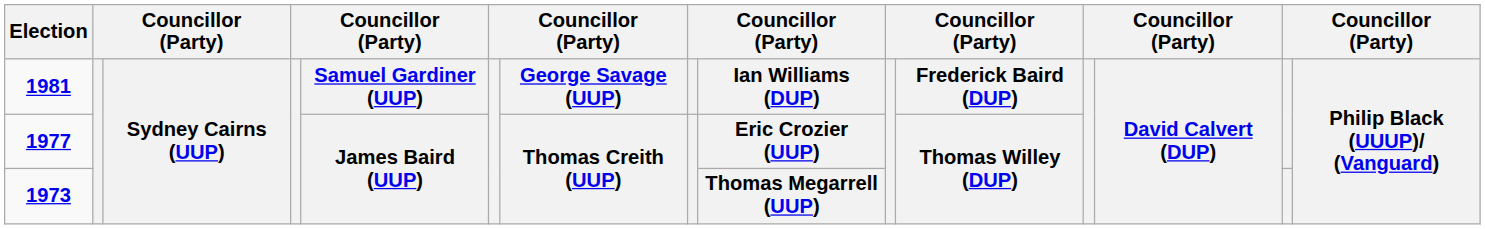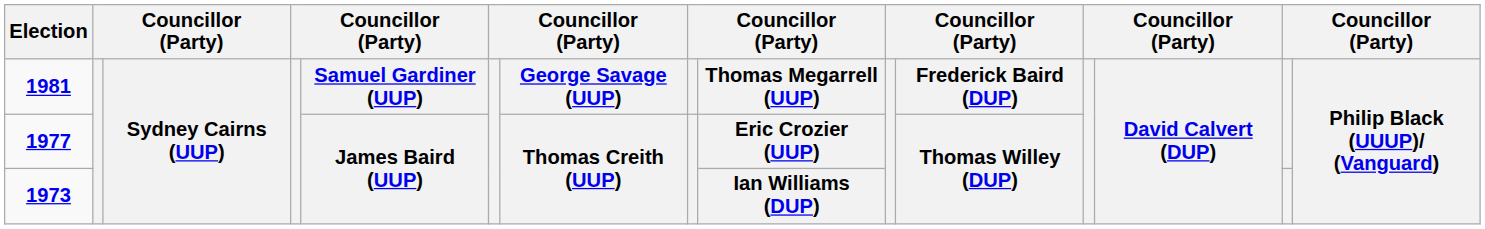 <table class="wikitable" style="text-align:center">
 <tr>
 <th scope="col" width="50">Election</th>
 <th scope="col" width="150" colspan = "2">Councillor<br> (Party)</th>
 <th scope="col" width="150" colspan = "2">Councillor<br> (Party)</th>
 <th scope="col" width="150" colspan = "2">Councillor<br> (Party)</th>
 <th scope="col" width="150" colspan = "2">Councillor<br> (Party)</th>
 <th scope="col" width="150" colspan = "2">Councillor<br> (Party)</th>
 <th scope="col" width="150" colspan = "2">Councillor<br> (Party)</th>
 <th scope="col" width="150" colspan = "2">Councillor<br> (Party)</th>
 </tr>
 <tr>
 <td><strong><a href='#'>1981</a></strong></td>
 <th rowspan="3" width="1" style="background-color: "></th>
 <th rowspan = "3">Sydney Cairns <br> (<a href='#'>UUP</a>)</th>
 <th rowspan="3" width="1" style="background-color: "></th>
 <th rowspan = "1"><a href='#'>Samuel Gardiner</a> <br> (<a href='#'>UUP</a>)</th>
 <th rowspan="3" width="1" style="background-color: "></th>
 <th rowspan = "1"><a href='#'>George Savage</a> <br> (<a href='#'>UUP</a>)</th>
 <th rowspan="1" width="1" style="background-color: "></th>
-<th rowspan = "1">Ian Williams <br> (<a href='#'>DUP</a>)</th>
+<th rowspan = "1">Thomas Megarrell <br> (<a href='#'>UUP</a>)</th>
 <th rowspan="3" width="1" style="background-color: "></th>
 <th rowspan = "1">Frederick Baird <br> (<a href='#'>DUP</a>)</th>
 <th rowspan="3" width="1" style="background-color: "></th>
 <th rowspan = "3"><a href='#'>David Calvert</a> <br> (<a href='#'>DUP</a>)</th>
 <th rowspan="2" width="1" style="background-color: "></th>
 <th rowspan = "3">Philip Black <br> (<a href='#'>UUUP</a>)/ <br> (<a href='#'>Vanguard</a>)</th>
 </tr>
 <tr>
 <td><strong><a href='#'>1977</a></strong></td>
 <th rowspan = "2">James Baird <br> (<a href='#'>UUP</a>)</th>
 <th rowspan = "2">Thomas Creith <br> (<a href='#'>UUP</a>)</th>
 <th rowspan="2" width="1" style="background-color: "></th>
 <th rowspan = "1">Eric Crozier <br> (<a href='#'>UUP</a>)</th>
 <th rowspan = "2">Thomas Willey <br> (<a href='#'>DUP</a>)</th>
 </tr>
 <tr>
 <td><strong><a href='#'>1973</a></strong></td>
-<th rowspan = "1">Thomas Megarrell <br> (<a href='#'>UUP</a>)</th>
+<th rowspan = "1">Ian Williams <br> (<a href='#'>DUP</a>)</th>
 <th rowspan="2" width="1" style="background-color: "></th>
 </tr>
 </table>
